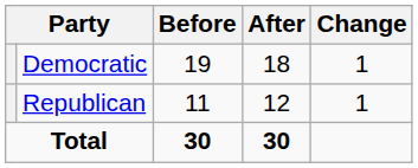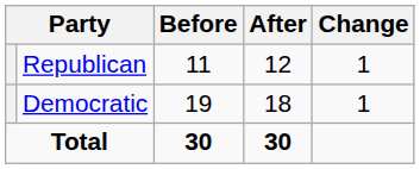 <table class="wikitable" style="text-align:center;">
 <tr>
 <th colspan="2">Party</th>
 <th>Before</th>
 <th>After</th>
 <th>Change</th>
 </tr>
 <tr>
 <th style="background-color:"></th>
-<td style="text-align:left;"><a href='#'>Democratic</a></td>
-<td>19</td>
-<td>18</td>
+<td style="text-align:left;"><a href='#'>Republican</a></td>
+<td>11</td>
+<td>12</td>
 <td> 1</td>
 </tr>
 <tr>
 <th style="background-color:"></th>
-<td style="text-align:left;"><a href='#'>Republican</a></td>
-<td>11</td>
-<td>12</td>
+<td style="text-align:left;"><a href='#'>Democratic</a></td>
+<td>19</td>
+<td>18</td>
 <td> 1</td>
 </tr>
 <tr>
 <td colspan="2"><strong>Total</strong></td>
 <td><strong>30</strong></td>
 <td><strong>30</strong></td>
 <td></td>
 </tr>
 </table>
